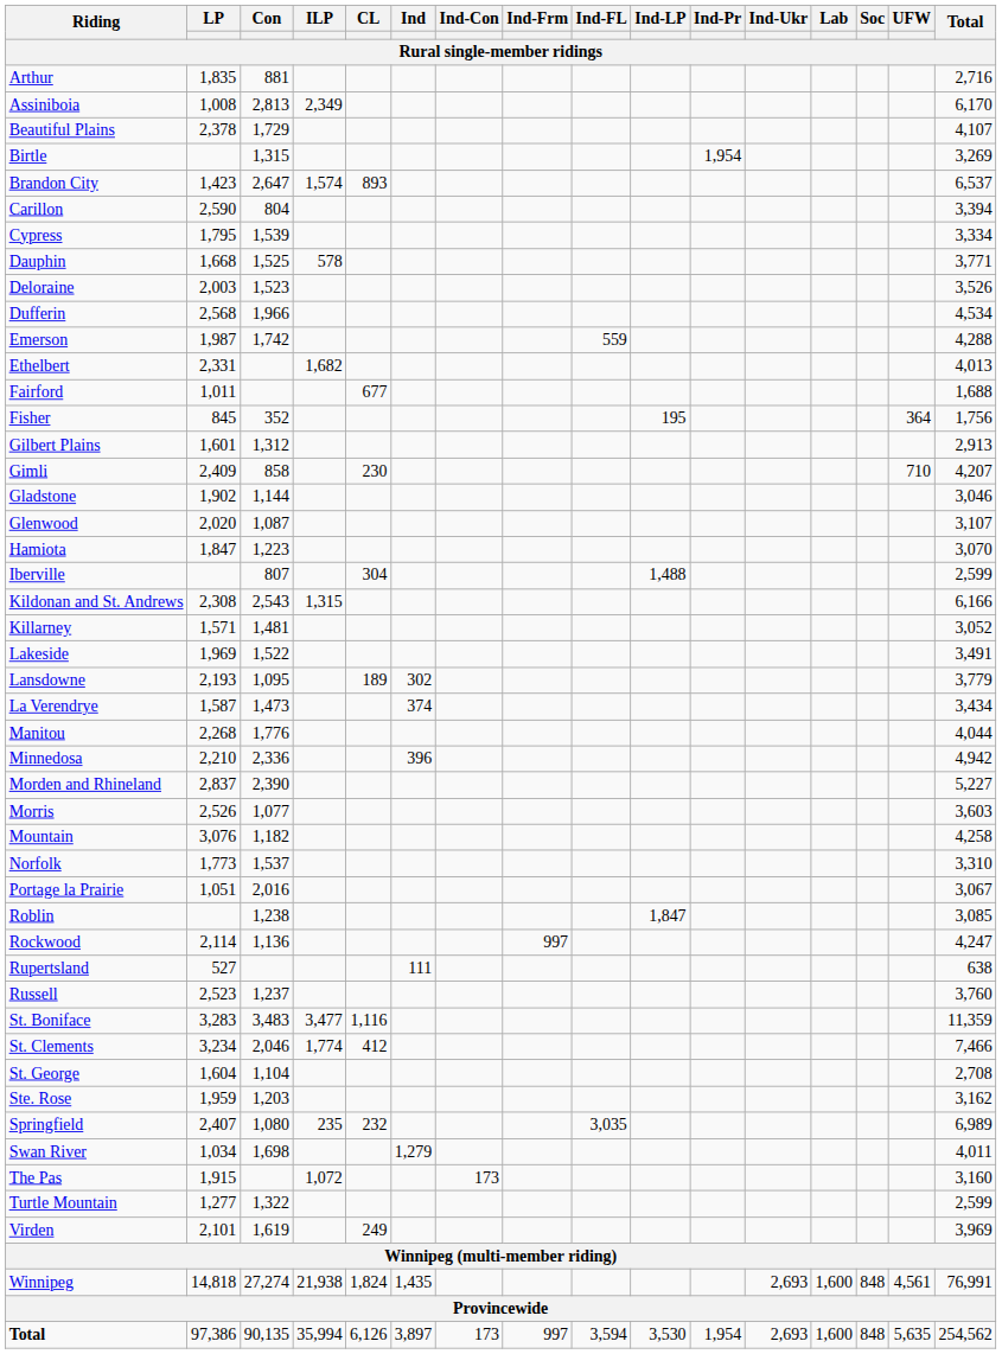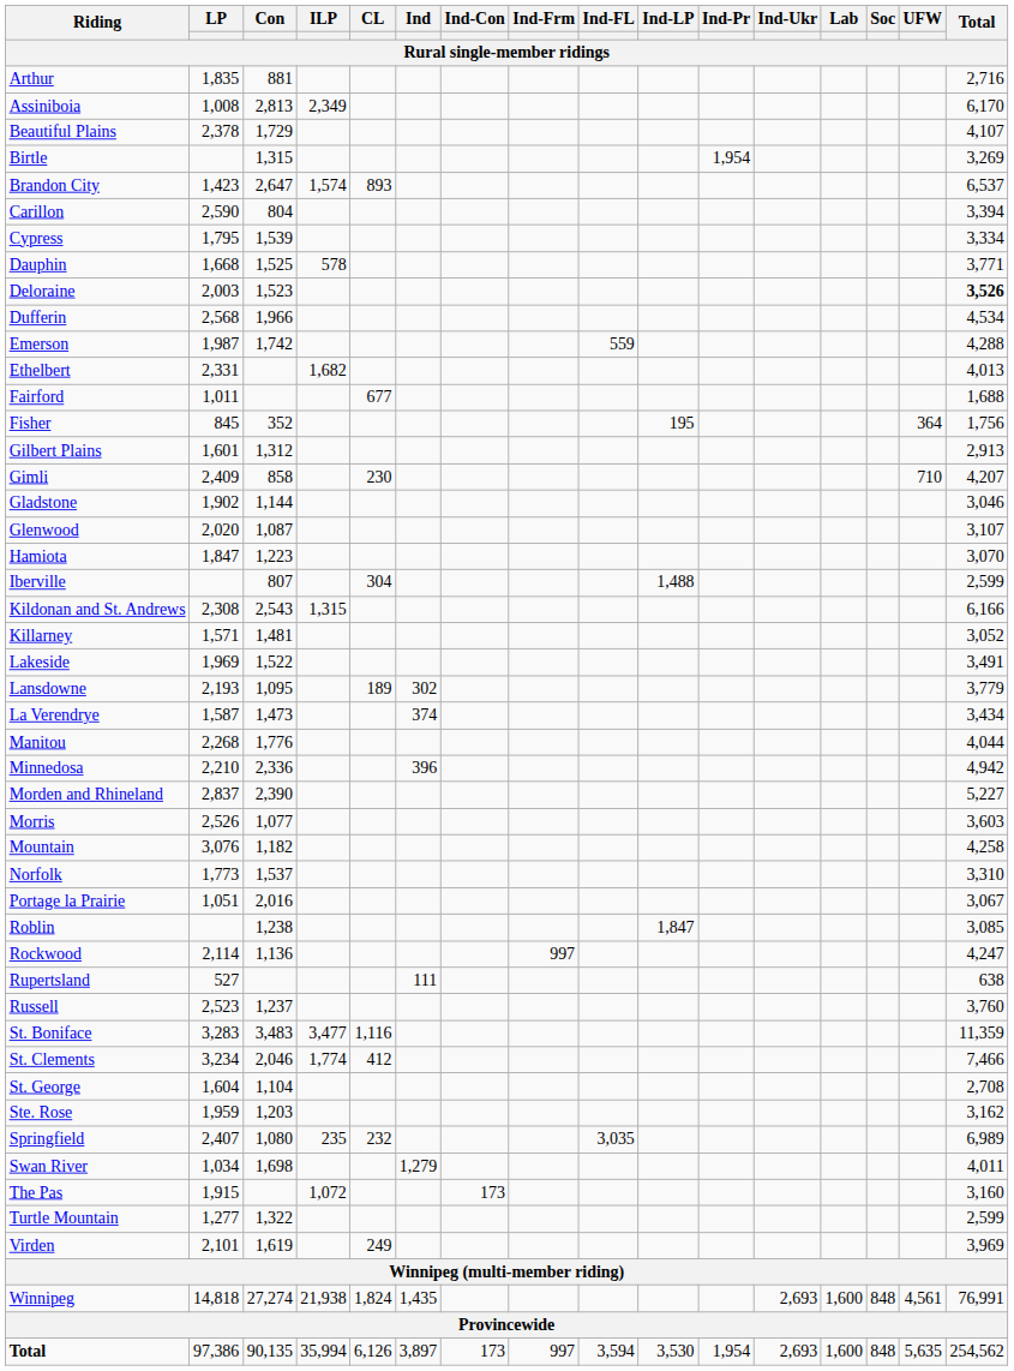 <table class="wikitable" style="text-align:right;">
 <tr>
 <th rowspan="2">Riding</th>
 <th>LP</th>
 <th>Con</th>
 <th>ILP</th>
 <th>CL</th>
 <th>Ind</th>
 <th>Ind-Con</th>
 <th>Ind-Frm</th>
 <th>Ind-FL</th>
 <th>Ind-LP</th>
 <th>Ind-Pr</th>
 <th>Ind-Ukr</th>
 <th>Lab</th>
 <th>Soc</th>
 <th>UFW</th>
 <th rowspan="2">Total</th>
 </tr>
 <tr>
 <th style="background:"></th>
 <th style="background:"></th>
 <th style="background:"></th>
 <th style="background:"></th>
 <th style="background:"></th>
 <th style="background:"></th>
 <th style="background:"></th>
 <th style="background:"></th>
 <th style="background:"></th>
 <th style="background:"></th>
 <th style="background:"></th>
 <th style="background:"></th>
 <th style="background:"></th>
 <th style="background:"></th>
 </tr>
 <tr>
 <th colspan="16">Rural single-member ridings</th>
 </tr>
 <tr>
 <td style="text-align:left;"><a href='#'>Arthur</a></td>
 <td>1,835</td>
 <td>881</td>
 <td></td>
 <td></td>
 <td></td>
 <td></td>
 <td></td>
 <td></td>
 <td></td>
 <td></td>
 <td></td>
 <td></td>
 <td></td>
 <td></td>
 <td>2,716</td>
 </tr>
 <tr>
 <td style="text-align:left;"><a href='#'>Assiniboia</a></td>
 <td>1,008</td>
 <td>2,813</td>
 <td>2,349</td>
 <td></td>
 <td></td>
 <td></td>
 <td></td>
 <td></td>
 <td></td>
 <td></td>
 <td></td>
 <td></td>
 <td></td>
 <td></td>
 <td>6,170</td>
 </tr>
 <tr>
 <td style="text-align:left;"><a href='#'>Beautiful Plains</a></td>
 <td>2,378</td>
 <td>1,729</td>
 <td></td>
 <td></td>
 <td></td>
 <td></td>
 <td></td>
 <td></td>
 <td></td>
 <td></td>
 <td></td>
 <td></td>
 <td></td>
 <td></td>
 <td>4,107</td>
 </tr>
 <tr>
 <td style="text-align:left;"><a href='#'>Birtle</a></td>
 <td></td>
 <td>1,315</td>
 <td></td>
 <td></td>
 <td></td>
 <td></td>
 <td></td>
 <td></td>
 <td></td>
 <td>1,954</td>
 <td></td>
 <td></td>
 <td></td>
 <td></td>
 <td>3,269</td>
 </tr>
 <tr>
 <td style="text-align:left;"><a href='#'>Brandon City</a></td>
 <td>1,423</td>
 <td>2,647</td>
 <td>1,574</td>
 <td>893</td>
 <td></td>
 <td></td>
 <td></td>
 <td></td>
 <td></td>
 <td></td>
 <td></td>
 <td></td>
 <td></td>
 <td></td>
 <td>6,537</td>
 </tr>
 <tr>
 <td style="text-align:left;"><a href='#'>Carillon</a></td>
 <td>2,590</td>
 <td>804</td>
 <td></td>
 <td></td>
 <td></td>
 <td></td>
 <td></td>
 <td></td>
 <td></td>
 <td></td>
 <td></td>
 <td></td>
 <td></td>
 <td></td>
 <td>3,394</td>
 </tr>
 <tr>
 <td style="text-align:left;"><a href='#'>Cypress</a></td>
 <td>1,795</td>
 <td>1,539</td>
 <td></td>
 <td></td>
 <td></td>
 <td></td>
 <td></td>
 <td></td>
 <td></td>
 <td></td>
 <td></td>
 <td></td>
 <td></td>
 <td></td>
 <td>3,334</td>
 </tr>
 <tr>
 <td style="text-align:left;"><a href='#'>Dauphin</a></td>
 <td>1,668</td>
 <td>1,525</td>
 <td>578</td>
 <td></td>
 <td></td>
 <td></td>
 <td></td>
 <td></td>
 <td></td>
 <td></td>
 <td></td>
 <td></td>
 <td></td>
 <td></td>
 <td>3,771</td>
 </tr>
 <tr>
 <td style="text-align:left;"><a href='#'>Deloraine</a></td>
 <td>2,003</td>
 <td>1,523</td>
 <td></td>
 <td></td>
 <td></td>
 <td></td>
 <td></td>
 <td></td>
 <td></td>
 <td></td>
 <td></td>
 <td></td>
 <td></td>
 <td></td>
-<td>3,526</td>
+<td><strong>3,526</strong></td>
 </tr>
 <tr>
 <td style="text-align:left;"><a href='#'>Dufferin</a></td>
 <td>2,568</td>
 <td>1,966</td>
 <td></td>
 <td></td>
 <td></td>
 <td></td>
 <td></td>
 <td></td>
 <td></td>
 <td></td>
 <td></td>
 <td></td>
 <td></td>
 <td></td>
 <td>4,534</td>
 </tr>
 <tr>
 <td style="text-align:left;"><a href='#'>Emerson</a></td>
 <td>1,987</td>
 <td>1,742</td>
 <td></td>
 <td></td>
 <td></td>
 <td></td>
 <td></td>
 <td>559</td>
 <td></td>
 <td></td>
 <td></td>
 <td></td>
 <td></td>
 <td></td>
 <td>4,288</td>
 </tr>
 <tr>
 <td style="text-align:left;"><a href='#'>Ethelbert</a></td>
 <td>2,331</td>
 <td></td>
 <td>1,682</td>
 <td></td>
 <td></td>
 <td></td>
 <td></td>
 <td></td>
 <td></td>
 <td></td>
 <td></td>
 <td></td>
 <td></td>
 <td></td>
 <td>4,013</td>
 </tr>
 <tr>
 <td style="text-align:left;"><a href='#'>Fairford</a></td>
 <td>1,011</td>
 <td></td>
 <td></td>
 <td>677</td>
 <td></td>
 <td></td>
 <td></td>
 <td></td>
 <td></td>
 <td></td>
 <td></td>
 <td></td>
 <td></td>
 <td></td>
 <td>1,688</td>
 </tr>
 <tr>
 <td style="text-align:left;"><a href='#'>Fisher</a></td>
 <td>845</td>
 <td>352</td>
 <td></td>
 <td></td>
 <td></td>
 <td></td>
 <td></td>
 <td></td>
 <td>195</td>
 <td></td>
 <td></td>
 <td></td>
 <td></td>
 <td>364</td>
 <td>1,756</td>
 </tr>
 <tr>
 <td style="text-align:left;"><a href='#'>Gilbert Plains</a></td>
 <td>1,601</td>
 <td>1,312</td>
 <td></td>
 <td></td>
 <td></td>
 <td></td>
 <td></td>
 <td></td>
 <td></td>
 <td></td>
 <td></td>
 <td></td>
 <td></td>
 <td></td>
 <td>2,913</td>
 </tr>
 <tr>
 <td style="text-align:left;"><a href='#'>Gimli</a></td>
 <td>2,409</td>
 <td>858</td>
 <td></td>
 <td>230</td>
 <td></td>
 <td></td>
 <td></td>
 <td></td>
 <td></td>
 <td></td>
 <td></td>
 <td></td>
 <td></td>
 <td>710</td>
 <td>4,207</td>
 </tr>
 <tr>
 <td style="text-align:left;"><a href='#'>Gladstone</a></td>
 <td>1,902</td>
 <td>1,144</td>
 <td></td>
 <td></td>
 <td></td>
 <td></td>
 <td></td>
 <td></td>
 <td></td>
 <td></td>
 <td></td>
 <td></td>
 <td></td>
 <td></td>
 <td>3,046</td>
 </tr>
 <tr>
 <td style="text-align:left;"><a href='#'>Glenwood</a></td>
 <td>2,020</td>
 <td>1,087</td>
 <td></td>
 <td></td>
 <td></td>
 <td></td>
 <td></td>
 <td></td>
 <td></td>
 <td></td>
 <td></td>
 <td></td>
 <td></td>
 <td></td>
 <td>3,107</td>
 </tr>
 <tr>
 <td style="text-align:left;"><a href='#'>Hamiota</a></td>
 <td>1,847</td>
 <td>1,223</td>
 <td></td>
 <td></td>
 <td></td>
 <td></td>
 <td></td>
 <td></td>
 <td></td>
 <td></td>
 <td></td>
 <td></td>
 <td></td>
 <td></td>
 <td>3,070</td>
 </tr>
 <tr>
 <td style="text-align:left;"><a href='#'>Iberville</a></td>
 <td></td>
 <td>807</td>
 <td></td>
 <td>304</td>
 <td></td>
 <td></td>
 <td></td>
 <td></td>
 <td>1,488</td>
 <td></td>
 <td></td>
 <td></td>
 <td></td>
 <td></td>
 <td>2,599</td>
 </tr>
 <tr>
 <td style="text-align:left;"><a href='#'>Kildonan and St. Andrews</a></td>
 <td>2,308</td>
 <td>2,543</td>
 <td>1,315</td>
 <td></td>
 <td></td>
 <td></td>
 <td></td>
 <td></td>
 <td></td>
 <td></td>
 <td></td>
 <td></td>
 <td></td>
 <td></td>
 <td>6,166</td>
 </tr>
 <tr>
 <td style="text-align:left;"><a href='#'>Killarney</a></td>
 <td>1,571</td>
 <td>1,481</td>
 <td></td>
 <td></td>
 <td></td>
 <td></td>
 <td></td>
 <td></td>
 <td></td>
 <td></td>
 <td></td>
 <td></td>
 <td></td>
 <td></td>
 <td>3,052</td>
 </tr>
 <tr>
 <td style="text-align:left;"><a href='#'>Lakeside</a></td>
 <td>1,969</td>
 <td>1,522</td>
 <td></td>
 <td></td>
 <td></td>
 <td></td>
 <td></td>
 <td></td>
 <td></td>
 <td></td>
 <td></td>
 <td></td>
 <td></td>
 <td></td>
 <td>3,491</td>
 </tr>
 <tr>
 <td style="text-align:left;"><a href='#'>Lansdowne</a></td>
 <td>2,193</td>
 <td>1,095</td>
 <td></td>
 <td>189</td>
 <td>302</td>
 <td></td>
 <td></td>
 <td></td>
 <td></td>
 <td></td>
 <td></td>
 <td></td>
 <td></td>
 <td></td>
 <td>3,779</td>
 </tr>
 <tr>
 <td style="text-align:left;"><a href='#'>La Verendrye</a></td>
 <td>1,587</td>
 <td>1,473</td>
 <td></td>
 <td></td>
 <td>374</td>
 <td></td>
 <td></td>
 <td></td>
 <td></td>
 <td></td>
 <td></td>
 <td></td>
 <td></td>
 <td></td>
 <td>3,434</td>
 </tr>
 <tr>
 <td style="text-align:left;"><a href='#'>Manitou</a></td>
 <td>2,268</td>
 <td>1,776</td>
 <td></td>
 <td></td>
 <td></td>
 <td></td>
 <td></td>
 <td></td>
 <td></td>
 <td></td>
 <td></td>
 <td></td>
 <td></td>
 <td></td>
 <td>4,044</td>
 </tr>
 <tr>
 <td style="text-align:left;"><a href='#'>Minnedosa</a></td>
 <td>2,210</td>
 <td>2,336</td>
 <td></td>
 <td></td>
 <td>396</td>
 <td></td>
 <td></td>
 <td></td>
 <td></td>
 <td></td>
 <td></td>
 <td></td>
 <td></td>
 <td></td>
 <td>4,942</td>
 </tr>
 <tr>
 <td style="text-align:left;"><a href='#'>Morden and Rhineland</a></td>
 <td>2,837</td>
 <td>2,390</td>
 <td></td>
 <td></td>
 <td></td>
 <td></td>
 <td></td>
 <td></td>
 <td></td>
 <td></td>
 <td></td>
 <td></td>
 <td></td>
 <td></td>
 <td>5,227</td>
 </tr>
 <tr>
 <td style="text-align:left;"><a href='#'>Morris</a></td>
 <td>2,526</td>
 <td>1,077</td>
 <td></td>
 <td></td>
 <td></td>
 <td></td>
 <td></td>
 <td></td>
 <td></td>
 <td></td>
 <td></td>
 <td></td>
 <td></td>
 <td></td>
 <td>3,603</td>
 </tr>
 <tr>
 <td style="text-align:left;"><a href='#'>Mountain</a></td>
 <td>3,076</td>
 <td>1,182</td>
 <td></td>
 <td></td>
 <td></td>
 <td></td>
 <td></td>
 <td></td>
 <td></td>
 <td></td>
 <td></td>
 <td></td>
 <td></td>
 <td></td>
 <td>4,258</td>
 </tr>
 <tr>
 <td style="text-align:left;"><a href='#'>Norfolk</a></td>
 <td>1,773</td>
 <td>1,537</td>
 <td></td>
 <td></td>
 <td></td>
 <td></td>
 <td></td>
 <td></td>
 <td></td>
 <td></td>
 <td></td>
 <td></td>
 <td></td>
 <td></td>
 <td>3,310</td>
 </tr>
 <tr>
 <td style="text-align:left;"><a href='#'>Portage la Prairie</a></td>
 <td>1,051</td>
 <td>2,016</td>
 <td></td>
 <td></td>
 <td></td>
 <td></td>
 <td></td>
 <td></td>
 <td></td>
 <td></td>
 <td></td>
 <td></td>
 <td></td>
 <td></td>
 <td>3,067</td>
 </tr>
 <tr>
 <td style="text-align:left;"><a href='#'>Roblin</a></td>
 <td></td>
 <td>1,238</td>
 <td></td>
 <td></td>
 <td></td>
 <td></td>
 <td></td>
 <td></td>
 <td>1,847</td>
 <td></td>
 <td></td>
 <td></td>
 <td></td>
 <td></td>
 <td>3,085</td>
 </tr>
 <tr>
 <td style="text-align:left;"><a href='#'>Rockwood</a></td>
 <td>2,114</td>
 <td>1,136</td>
 <td></td>
 <td></td>
 <td></td>
 <td></td>
 <td>997</td>
 <td></td>
 <td></td>
 <td></td>
 <td></td>
 <td></td>
 <td></td>
 <td></td>
 <td>4,247</td>
 </tr>
 <tr>
 <td style="text-align:left;"><a href='#'>Rupertsland</a></td>
 <td>527</td>
 <td></td>
 <td></td>
 <td></td>
 <td>111</td>
 <td></td>
 <td></td>
 <td></td>
 <td></td>
 <td></td>
 <td></td>
 <td></td>
 <td></td>
 <td></td>
 <td>638</td>
 </tr>
 <tr>
 <td style="text-align:left;"><a href='#'>Russell</a></td>
 <td>2,523</td>
 <td>1,237</td>
 <td></td>
 <td></td>
 <td></td>
 <td></td>
 <td></td>
 <td></td>
 <td></td>
 <td></td>
 <td></td>
 <td></td>
 <td></td>
 <td></td>
 <td>3,760</td>
 </tr>
 <tr>
 <td style="text-align:left;"><a href='#'>St. Boniface</a></td>
 <td>3,283</td>
 <td>3,483</td>
 <td>3,477</td>
 <td>1,116</td>
 <td></td>
 <td></td>
 <td></td>
 <td></td>
 <td></td>
 <td></td>
 <td></td>
 <td></td>
 <td></td>
 <td></td>
 <td>11,359</td>
 </tr>
 <tr>
 <td style="text-align:left;"><a href='#'>St. Clements</a></td>
 <td>3,234</td>
 <td>2,046</td>
 <td>1,774</td>
 <td>412</td>
 <td></td>
 <td></td>
 <td></td>
 <td></td>
 <td></td>
 <td></td>
 <td></td>
 <td></td>
 <td></td>
 <td></td>
 <td>7,466</td>
 </tr>
 <tr>
 <td style="text-align:left;"><a href='#'>St. George</a></td>
 <td>1,604</td>
 <td>1,104</td>
 <td></td>
 <td></td>
 <td></td>
 <td></td>
 <td></td>
 <td></td>
 <td></td>
 <td></td>
 <td></td>
 <td></td>
 <td></td>
 <td></td>
 <td>2,708</td>
 </tr>
 <tr>
 <td style="text-align:left;"><a href='#'>Ste. Rose</a></td>
 <td>1,959</td>
 <td>1,203</td>
 <td></td>
 <td></td>
 <td></td>
 <td></td>
 <td></td>
 <td></td>
 <td></td>
 <td></td>
 <td></td>
 <td></td>
 <td></td>
 <td></td>
 <td>3,162</td>
 </tr>
 <tr>
 <td style="text-align:left;"><a href='#'>Springfield</a></td>
 <td>2,407</td>
 <td>1,080</td>
 <td>235</td>
 <td>232</td>
 <td></td>
 <td></td>
 <td></td>
 <td>3,035</td>
 <td></td>
 <td></td>
 <td></td>
 <td></td>
 <td></td>
 <td></td>
 <td>6,989</td>
 </tr>
 <tr>
 <td style="text-align:left;"><a href='#'>Swan River</a></td>
 <td>1,034</td>
 <td>1,698</td>
 <td></td>
 <td></td>
 <td>1,279</td>
 <td></td>
 <td></td>
 <td></td>
 <td></td>
 <td></td>
 <td></td>
 <td></td>
 <td></td>
 <td></td>
 <td>4,011</td>
 </tr>
 <tr>
 <td style="text-align:left;"><a href='#'>The Pas</a></td>
 <td>1,915</td>
 <td></td>
 <td>1,072</td>
 <td></td>
 <td></td>
 <td>173</td>
 <td></td>
 <td></td>
 <td></td>
 <td></td>
 <td></td>
 <td></td>
 <td></td>
 <td></td>
 <td>3,160</td>
 </tr>
 <tr>
 <td style="text-align:left;"><a href='#'>Turtle Mountain</a></td>
 <td>1,277</td>
 <td>1,322</td>
 <td></td>
 <td></td>
 <td></td>
 <td></td>
 <td></td>
 <td></td>
 <td></td>
 <td></td>
 <td></td>
 <td></td>
 <td></td>
 <td></td>
 <td>2,599</td>
 </tr>
 <tr>
 <td style="text-align:left;"><a href='#'>Virden</a></td>
 <td>2,101</td>
 <td>1,619</td>
 <td></td>
 <td>249</td>
 <td></td>
 <td></td>
 <td></td>
 <td></td>
 <td></td>
 <td></td>
 <td></td>
 <td></td>
 <td></td>
 <td></td>
 <td>3,969</td>
 </tr>
 <tr>
 <th colspan="16">Winnipeg (multi-member riding)</th>
 </tr>
 <tr>
 <td style="text-align:left;"><a href='#'>Winnipeg</a></td>
 <td>14,818</td>
 <td>27,274</td>
 <td>21,938</td>
 <td>1,824</td>
 <td>1,435</td>
 <td></td>
 <td></td>
 <td></td>
 <td></td>
 <td></td>
 <td>2,693</td>
 <td>1,600</td>
 <td>848</td>
 <td>4,561</td>
 <td>76,991</td>
 </tr>
 <tr>
 <th colspan="16">Provincewide</th>
 </tr>
 <tr>
 <td style="text-align:left;"><strong>Total</strong></td>
 <td>97,386</td>
 <td>90,135</td>
 <td>35,994</td>
 <td>6,126</td>
 <td>3,897</td>
 <td>173</td>
 <td>997</td>
 <td>3,594</td>
 <td>3,530</td>
 <td>1,954</td>
 <td>2,693</td>
 <td>1,600</td>
 <td>848</td>
 <td>5,635</td>
 <td>254,562</td>
 </tr>
 </table>
